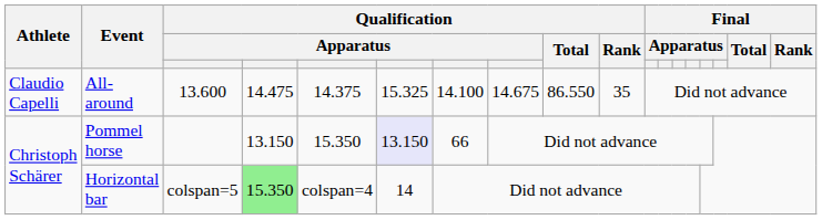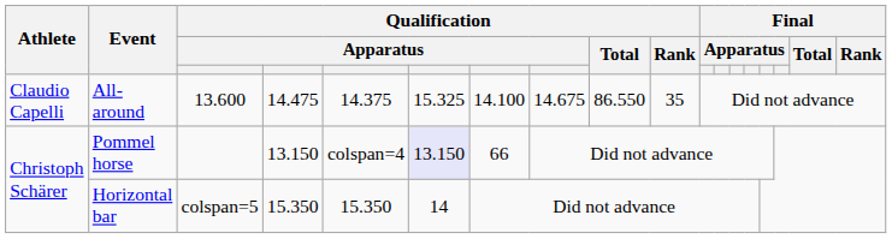 <table class="wikitable" style="font-size:90%">
 <tr>
 <th rowspan=3>Athlete</th>
 <th rowspan=3>Event</th>
 <th colspan =8>Qualification</th>
 <th colspan =8>Final</th>
 </tr>
 <tr style="font-size:95%">
 <th colspan=6>Apparatus</th>
 <th rowspan=2>Total</th>
 <th rowspan=2>Rank</th>
 <th colspan=6>Apparatus</th>
 <th rowspan=2>Total</th>
 <th rowspan=2>Rank</th>
 </tr>
 <tr style="font-size:95%">
 <th></th>
 <th></th>
 <th></th>
 <th></th>
 <th></th>
 <th></th>
 <th></th>
 <th></th>
 <th></th>
 <th></th>
 <th></th>
 <th></th>
 </tr>
 <tr align=center>
 <td align=left><a href='#'>Claudio Capelli</a></td>
 <td align=left><a href='#'>All-around</a></td>
 <td>13.600</td>
 <td>14.475</td>
 <td>14.375</td>
 <td>15.325</td>
 <td>14.100</td>
 <td>14.675</td>
 <td>86.550</td>
 <td>35</td>
 <td colspan=8>Did not advance</td>
 </tr>
 <tr align=center>
 <td align=left rowspan=2><a href='#'>Christoph Schärer</a></td>
 <td align=left><a href='#'>Pommel horse</a></td>
 <td></td>
 <td>13.150</td>
-<td>15.350</td>
+<td>colspan=4 </td>
 <td style="background: lavender;">13.150</td>
 <td>66</td>
 <td colspan=8>Did not advance</td>
 </tr>
 <tr align=center>
 <td align=left><a href='#'>Horizontal bar</a></td>
 <td>colspan=5 </td>
-<td style="background: lightgreen;">15.350</td>
-<td>colspan=4 </td>
+<td>15.350</td>
+<td>15.350</td>
 <td>14</td>
 <td colspan=8>Did not advance</td>
 </tr>
 </table>
